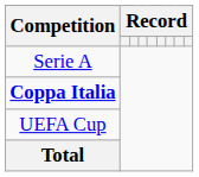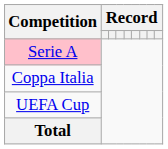 <table class="wikitable" style="text-align: center">
 <tr>
 <th rowspan="2">Competition</th>
 <th colspan="8">Record</th>
 </tr>
 <tr>
 <th></th>
 <th></th>
 <th></th>
 <th></th>
 <th></th>
 <th></th>
 <th></th>
 <th></th>
 </tr>
 <tr>
-<td> <a href='#'>Serie A</a><br></td>
+<td style="background: pink;"> <a href='#'>Serie A</a><br></td>
 </tr>
 <tr>
-<td><strong> <a href='#'>Coppa Italia</a><br></strong></td>
+<td> <a href='#'>Coppa Italia</a><br></td>
 </tr>
 <tr>
 <td> <a href='#'>UEFA Cup</a><br></td>
 </tr>
 <tr>
 <th>Total<br></th>
 </tr>
 </table>
